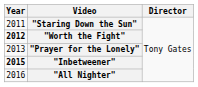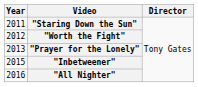 <table class="wikitable plainrowheaders">
 <tr>
 <th>Year</th>
 <th style="width:14em;">Video</th>
 <th>Director</th>
 </tr>
 <tr>
 <td>2011</td>
 <th scope="row">"Staring Down the Sun"</th>
 <td rowspan="5">Tony Gates</td>
 </tr>
 <tr>
-<td><strong>2012</strong></td>
+<td>2012</td>
 <th scope="row">"Worth the Fight"</th>
 </tr>
 <tr>
 <td>2013</td>
 <th scope="row">"Prayer for the Lonely"</th>
 </tr>
 <tr>
-<td><strong>2015</strong></td>
+<td>2015</td>
 <th scope="row">"Inbetweener"</th>
 </tr>
 <tr>
 <td>2016</td>
 <th scope="row">"All Nighter"</th>
 </tr>
 </table>
